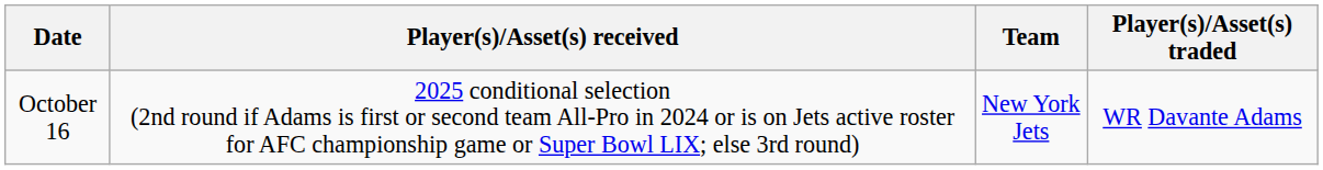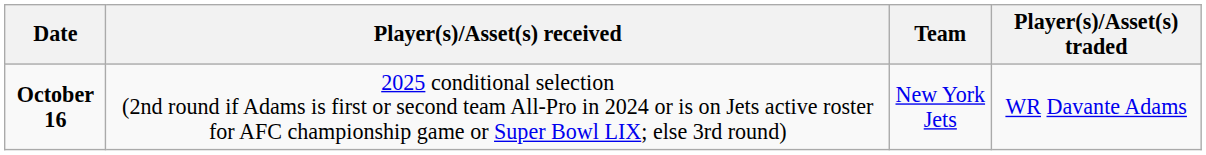 <table class="wikitable" style="text-align:center">
 <tr>
 <th>Date</th>
 <th>Player(s)/Asset(s) received</th>
 <th>Team</th>
 <th>Player(s)/Asset(s) traded</th>
 </tr>
 <tr>
-<td>October 16</td>
+<td><strong>October 16</strong></td>
 <td><a href='#'>2025</a> conditional selection <br> (2nd round if Adams is first or second team All-Pro in 2024 or is on Jets active roster for AFC championship game or <a href='#'>Super Bowl LIX</a>; else 3rd round)</td>
 <td><a href='#'>New York Jets</a></td>
 <td><a href='#'>WR</a> <a href='#'>Davante Adams</a></td>
 </tr>
 </table>
